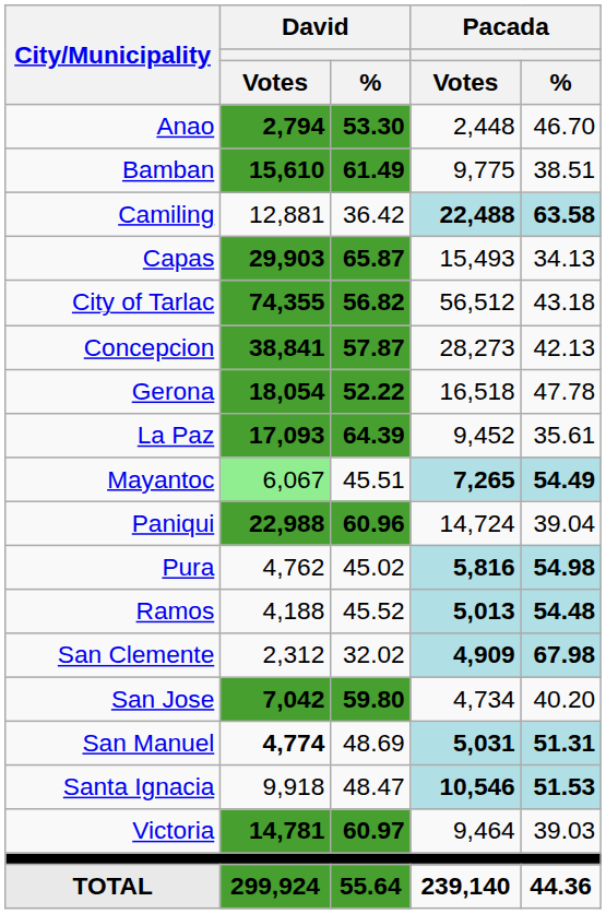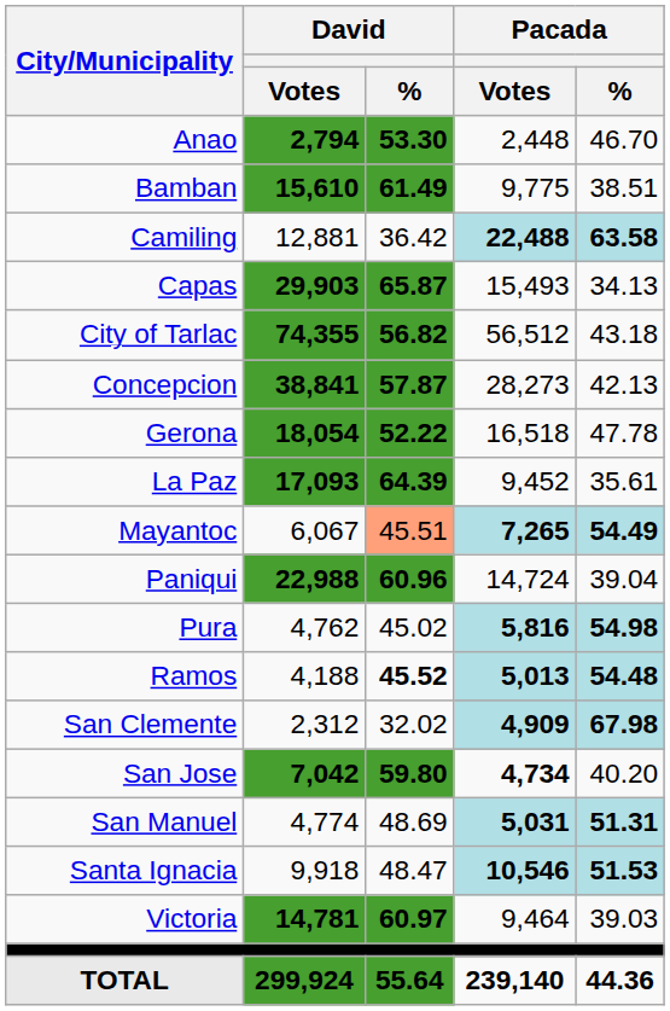 <table class="wikitable sortable" style="text-align:right; font-size:95%; line-height:20px;">
 <tr>
 <th width="125" rowspan="3"><a href='#'>City/Municipality</a></th>
 <th width="110" colspan="2">David</th>
 <th width="110" colspan="2">Pacada</th>
 </tr>
 <tr>
 <th colspan="2" style="background:"></th>
 <th colspan="2" style="background:"></th>
 </tr>
 <tr>
 <th>Votes</th>
 <th>%</th>
 <th>Votes</th>
 <th>%</th>
 </tr>
 <tr>
 <td><a href='#'>Anao</a></td>
 <td style="background:#469F2E;"><strong>2,794</strong></td>
 <td style="background:#469F2E;"><strong>53.30</strong></td>
 <td>2,448</td>
 <td>46.70</td>
 </tr>
 <tr>
 <td><a href='#'>Bamban</a></td>
 <td style="background:#469F2E;"><strong>15,610</strong></td>
 <td style="background:#469F2E;"><strong>61.49</strong></td>
 <td>9,775</td>
 <td>38.51</td>
 </tr>
 <tr>
 <td><a href='#'>Camiling</a></td>
 <td>12,881</td>
 <td>36.42</td>
 <td style="background:#B0DFE5;"><strong>22,488</strong></td>
 <td style="background:#B0DFE5;"><strong>63.58</strong></td>
 </tr>
 <tr>
 <td><a href='#'>Capas</a></td>
 <td style="background:#469F2E;"><strong>29,903</strong></td>
 <td style="background:#469F2E;"><strong>65.87</strong></td>
 <td>15,493</td>
 <td>34.13</td>
 </tr>
 <tr>
 <td><a href='#'>City of Tarlac</a></td>
 <td style="background:#469F2E;"><strong>74,355</strong></td>
 <td style="background:#469F2E;"><strong>56.82</strong></td>
 <td>56,512</td>
 <td>43.18</td>
 </tr>
 <tr>
 <td><a href='#'>Concepcion</a></td>
 <td style="background:#469F2E;"><strong>38,841</strong></td>
 <td style="background:#469F2E;"><strong>57.87</strong></td>
 <td>28,273</td>
 <td>42.13</td>
 </tr>
 <tr>
 <td><a href='#'>Gerona</a></td>
 <td style="background:#469F2E;"><strong>18,054</strong></td>
 <td style="background:#469F2E;"><strong>52.22</strong></td>
 <td>16,518</td>
 <td>47.78</td>
 </tr>
 <tr>
 <td><a href='#'>La Paz</a></td>
 <td style="background:#469F2E;"><strong>17,093</strong></td>
 <td style="background:#469F2E;"><strong>64.39</strong></td>
 <td>9,452</td>
 <td>35.61</td>
 </tr>
 <tr>
 <td><a href='#'>Mayantoc</a></td>
-<td style="background: lightgreen;">6,067</td>
-<td>45.51</td>
+<td>6,067</td>
+<td style="background: lightsalmon;">45.51</td>
 <td style="background:#B0DFE5;"><strong>7,265</strong></td>
 <td style="background:#B0DFE5;"><strong>54.49</strong></td>
 </tr>
 <tr>
 <td><a href='#'>Paniqui</a></td>
 <td style="background:#469F2E;"><strong>22,988</strong></td>
 <td style="background:#469F2E;"><strong>60.96</strong></td>
 <td>14,724</td>
 <td>39.04</td>
 </tr>
 <tr>
 <td><a href='#'>Pura</a></td>
 <td>4,762</td>
 <td>45.02</td>
 <td style="background:#B0DFE5;"><strong>5,816</strong></td>
 <td style="background:#B0DFE5;"><strong>54.98</strong></td>
 </tr>
 <tr>
 <td><a href='#'>Ramos</a></td>
 <td>4,188</td>
-<td>45.52</td>
+<td><strong>45.52</strong></td>
 <td style="background:#B0DFE5;"><strong>5,013</strong></td>
 <td style="background:#B0DFE5;"><strong>54.48</strong></td>
 </tr>
 <tr>
 <td><a href='#'>San Clemente</a></td>
 <td>2,312</td>
 <td>32.02</td>
 <td style="background:#B0DFE5;"><strong>4,909</strong></td>
 <td style="background:#B0DFE5;"><strong>67.98</strong></td>
 </tr>
 <tr>
 <td><a href='#'>San Jose</a></td>
 <td style="background:#469F2E;"><strong>7,042</strong></td>
 <td style="background:#469F2E;"><strong>59.80</strong></td>
-<td>4,734</td>
+<td><strong>4,734</strong></td>
 <td>40.20</td>
 </tr>
 <tr>
 <td><a href='#'>San Manuel</a></td>
-<td><strong>4,774</strong></td>
+<td>4,774</td>
 <td>48.69</td>
 <td style="background:#B0DFE5;"><strong>5,031</strong></td>
 <td style="background:#B0DFE5;"><strong>51.31</strong></td>
 </tr>
 <tr>
 <td><a href='#'>Santa Ignacia</a></td>
 <td>9,918</td>
 <td>48.47</td>
 <td style="background:#B0DFE5;"><strong>10,546</strong></td>
 <td style="background:#B0DFE5;"><strong>51.53</strong></td>
 </tr>
 <tr>
 <td><a href='#'>Victoria</a></td>
 <td style="background:#469F2E;"><strong>14,781</strong></td>
 <td style="background:#469F2E;"><strong>60.97</strong></td>
 <td>9,464</td>
 <td>39.03</td>
 </tr>
 <tr>
 <td colspan=5 bgcolor=black></td>
 </tr>
 <tr>
 <td style="background:#E9E9E9;" align="center"><strong>TOTAL</strong></td>
 <td style="background:#469F2E;" align="center"><strong>299,924</strong></td>
 <td style="background:#469F2E;" align="center"><strong>55.64</strong></td>
 <td align="center"><strong>239,140</strong></td>
 <td align="center"><strong>44.36</strong></td>
 </tr>
 </table>
